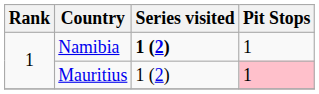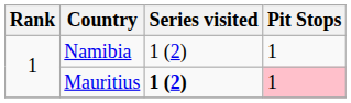 <table class="wikitable">
 <tr>
 <th>Rank</th>
 <th>Country</th>
 <th>Series visited</th>
 <th>Pit Stops</th>
 </tr>
 <tr>
 <td rowspan="2" style="text-align:center;">1</td>
 <td><a href='#'>Namibia</a></td>
-<td><strong>1 (<a href='#'>2</a>)</strong></td>
+<td>1 (<a href='#'>2</a>)</td>
 <td>1</td>
 </tr>
 <tr>
 <td><a href='#'>Mauritius</a></td>
-<td>1 (<a href='#'>2</a>)</td>
+<td><strong>1 (<a href='#'>2</a>)</strong></td>
 <td style="background: pink;">1</td>
 </tr>
 <tr>
 </tr>
 </table>
